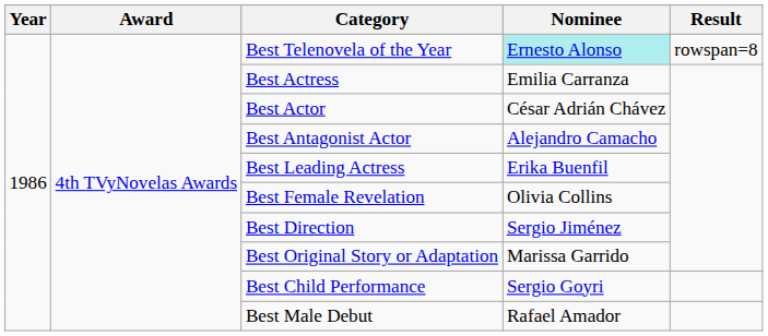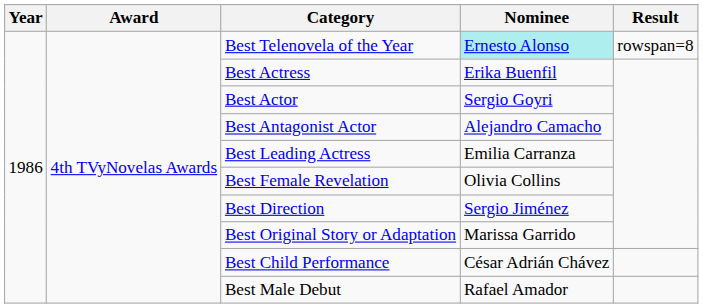 <table class="wikitable">
 <tr style="background:#b0c4de;">
 <th>Year</th>
 <th>Award</th>
 <th>Category</th>
 <th>Nominee</th>
 <th>Result</th>
 </tr>
 <tr>
 <td rowspan=10>1986</td>
 <td rowspan=10><a href='#'>4th TVyNovelas Awards</a></td>
 <td><a href='#'>Best Telenovela of the Year</a></td>
 <td style="background: paleturquoise;"><a href='#'>Ernesto Alonso</a></td>
 <td>rowspan=8 </td>
 </tr>
 <tr>
 <td><a href='#'>Best Actress</a></td>
-<td>Emilia Carranza</td>
+<td><a href='#'>Erika Buenfil</a></td>
 </tr>
 <tr>
 <td><a href='#'>Best Actor</a></td>
-<td>César Adrián Chávez</td>
+<td><a href='#'>Sergio Goyri</a></td>
 </tr>
 <tr>
 <td><a href='#'>Best Antagonist Actor</a></td>
 <td><a href='#'>Alejandro Camacho</a></td>
 </tr>
 <tr>
 <td><a href='#'>Best Leading Actress</a></td>
-<td><a href='#'>Erika Buenfil</a></td>
+<td>Emilia Carranza</td>
 </tr>
 <tr>
 <td><a href='#'>Best Female Revelation</a></td>
 <td>Olivia Collins</td>
 </tr>
 <tr>
 <td><a href='#'>Best Direction</a></td>
 <td><a href='#'>Sergio Jiménez</a></td>
 </tr>
 <tr>
 <td><a href='#'>Best Original Story or Adaptation</a></td>
 <td>Marissa Garrido</td>
 </tr>
 <tr>
 <td><a href='#'>Best Child Performance</a></td>
-<td><a href='#'>Sergio Goyri</a></td>
+<td>César Adrián Chávez</td>
 <td></td>
 </tr>
 <tr>
 <td>Best Male Debut</td>
 <td>Rafael Amador</td>
 <td></td>
 </tr>
 </table>
